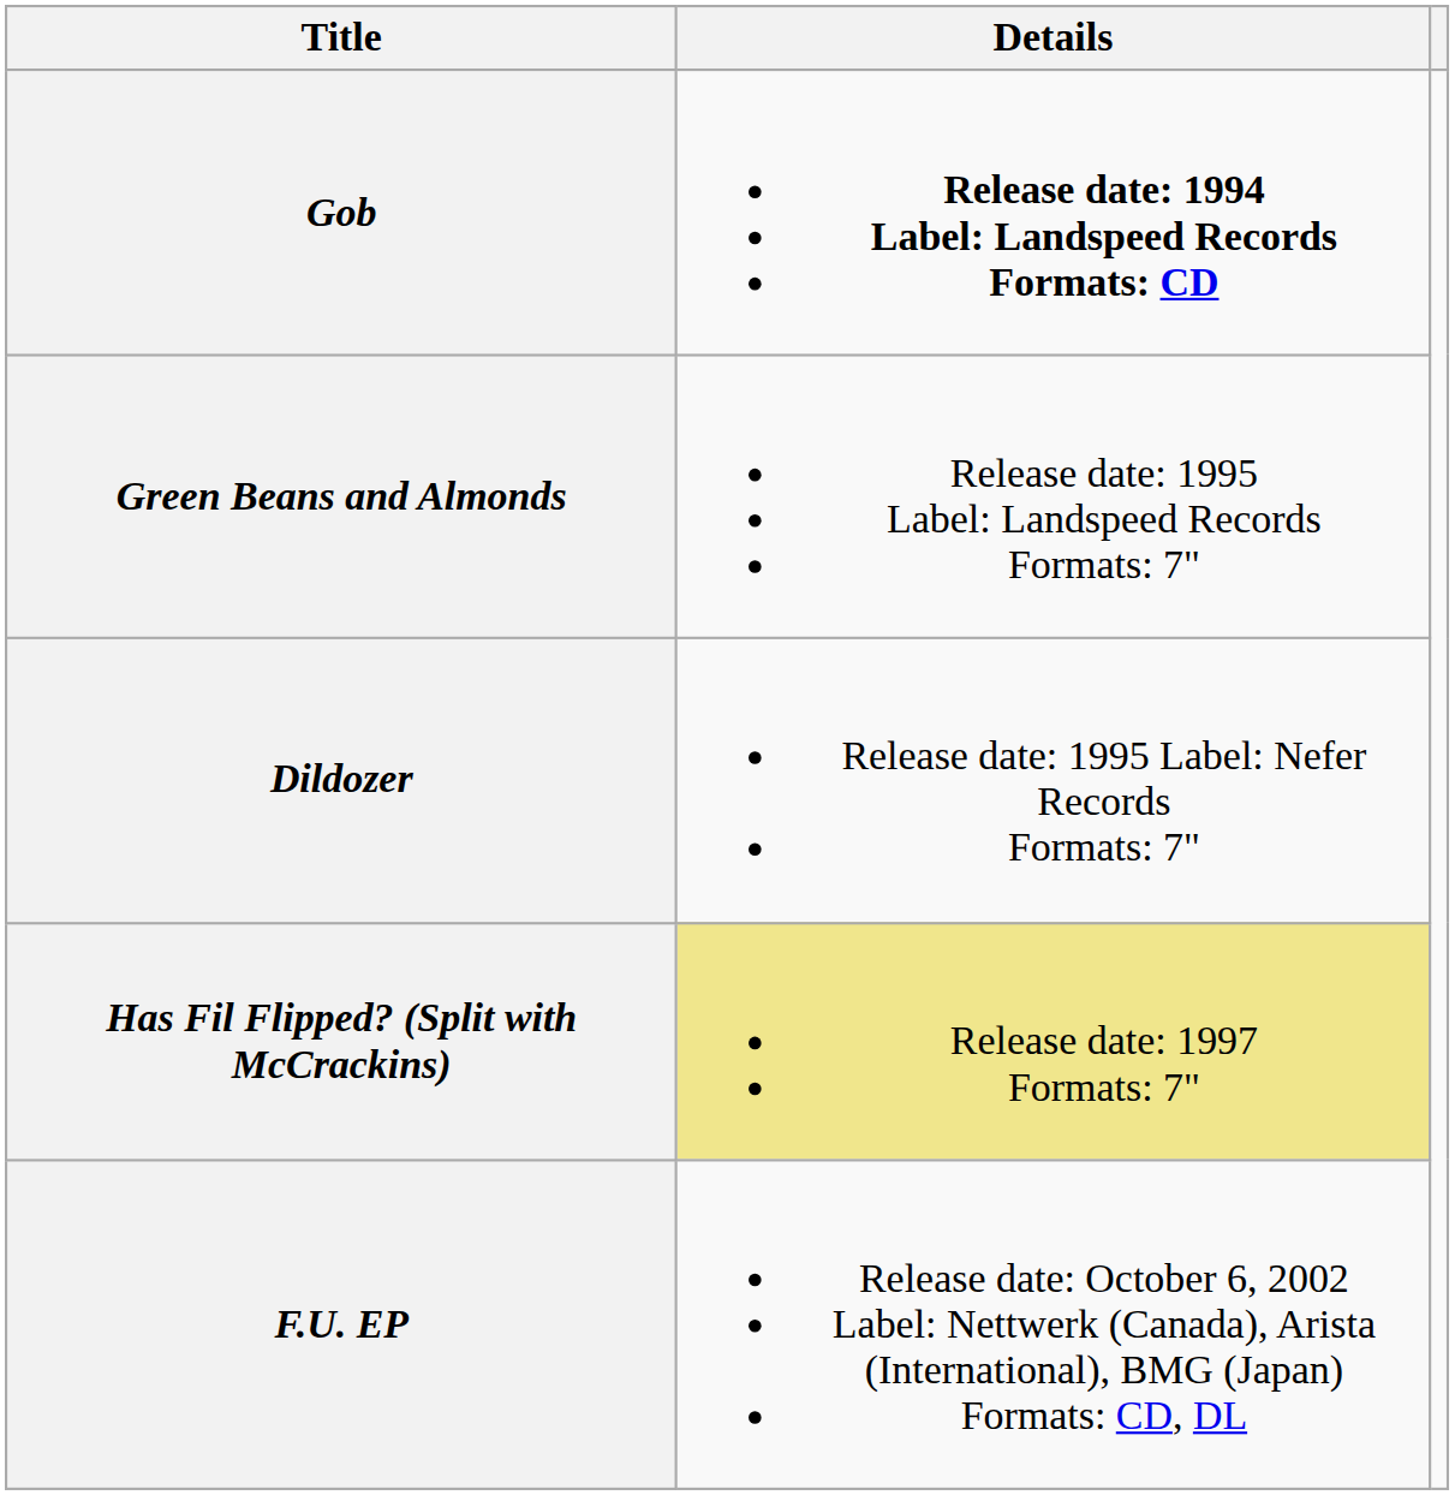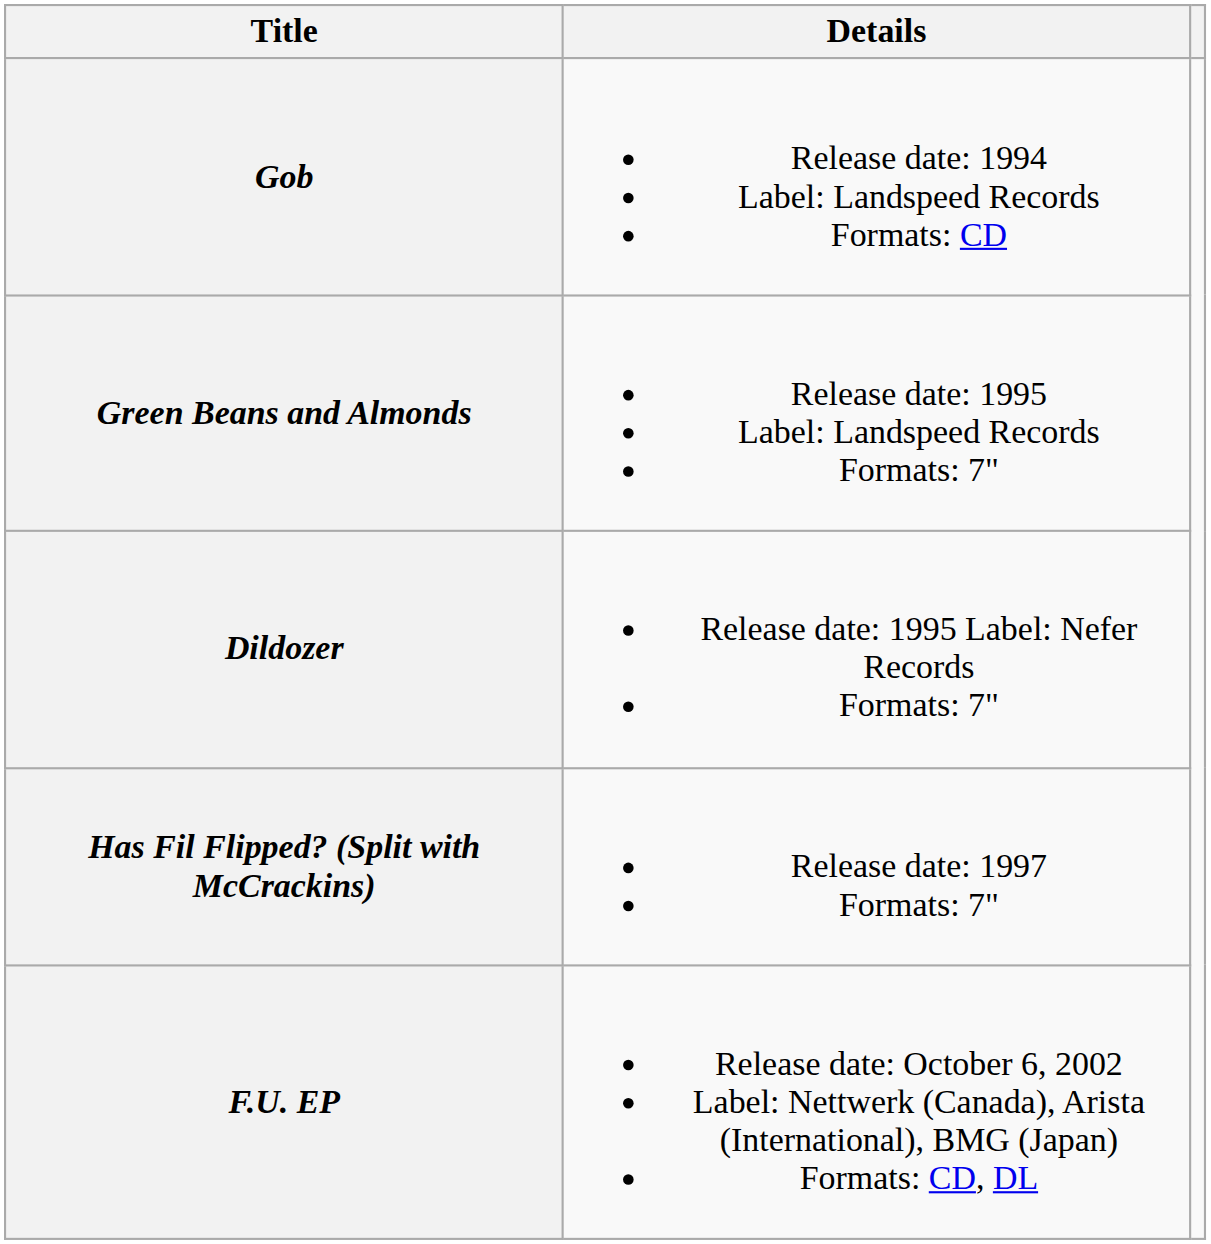 <table class="wikitable plainrowheaders" style="text-align:center;">
 <tr>
 <th style="width:16em;">Title</th>
 <th style="width:18em;">Details</th>
 <th></th>
 </tr>
 <tr>
 <th scope="row"><em>Gob</em></th>
-<td><strong><br><ul><li>Release date: 1994</li><li>Label: Landspeed Records</li><li>Formats: <a href='#'>CD</a></li></ul></strong></td>
+<td><br><ul><li>Release date: 1994</li><li>Label: Landspeed Records</li><li>Formats: <a href='#'>CD</a></li></ul></td>
 </tr>
 <tr>
 <th scope="row"><em>Green Beans and Almonds</em></th>
 <td><br><ul><li>Release date: 1995</li><li>Label: Landspeed Records</li><li>Formats: 7"</li></ul></td>
 </tr>
 <tr>
 <th scope="row"><em>Dildozer</em></th>
 <td><br><ul><li>Release date: 1995        Label: Nefer Records</li><li>Formats: 7"</li></ul></td>
 </tr>
 <tr>
 <th scope="row"><em>Has Fil Flipped? (Split with McCrackins)</em></th>
-<td style="background: khaki;"><br><ul><li>Release date: 1997</li><li>Formats: 7"</li></ul></td>
+<td><br><ul><li>Release date: 1997</li><li>Formats: 7"</li></ul></td>
 </tr>
 <tr>
 <th scope="row"><em>F.U. EP</em></th>
 <td><br><ul><li>Release date: October 6, 2002</li><li>Label: Nettwerk (Canada), Arista (International), BMG (Japan)</li><li>Formats: <a href='#'>CD</a>, <a href='#'>DL</a></li></ul></td>
 </tr>
 </table>
